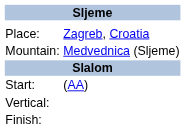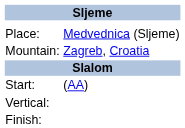 <table border=0 class="toccolours float-right" align="right" style="margin:0 0 0.5em 1em; font-size: 85%;">
 <tr>
 <th bgcolor=#b0c4de colspan=2 align="center">Sljeme</th>
 </tr>
 <tr>
 <td align="center" colspan=2></td>
 </tr>
 <tr>
 <td>Place:</td>
-<td><a href='#'>Zagreb</a>, <a href='#'>Croatia</a></td>
+<td><a href='#'>Medvednica</a> (Sljeme)</td>
 </tr>
 <tr>
 <td>Mountain:</td>
-<td><a href='#'>Medvednica</a> (Sljeme)</td>
+<td><a href='#'>Zagreb</a>, <a href='#'>Croatia</a></td>
 </tr>
 <tr>
 <th bgcolor=#b0c4de colspan=2 align="center">Slalom</th>
 </tr>
 <tr>
 <td>Start:</td>
 <td> (<a href='#'>AA</a>)</td>
 </tr>
 <tr>
 <td>Vertical:</td>
 <td></td>
 </tr>
 <tr>
 <td>Finish:</td>
 <td></td>
 </tr>
 <tr>
 </tr>
 </table>
